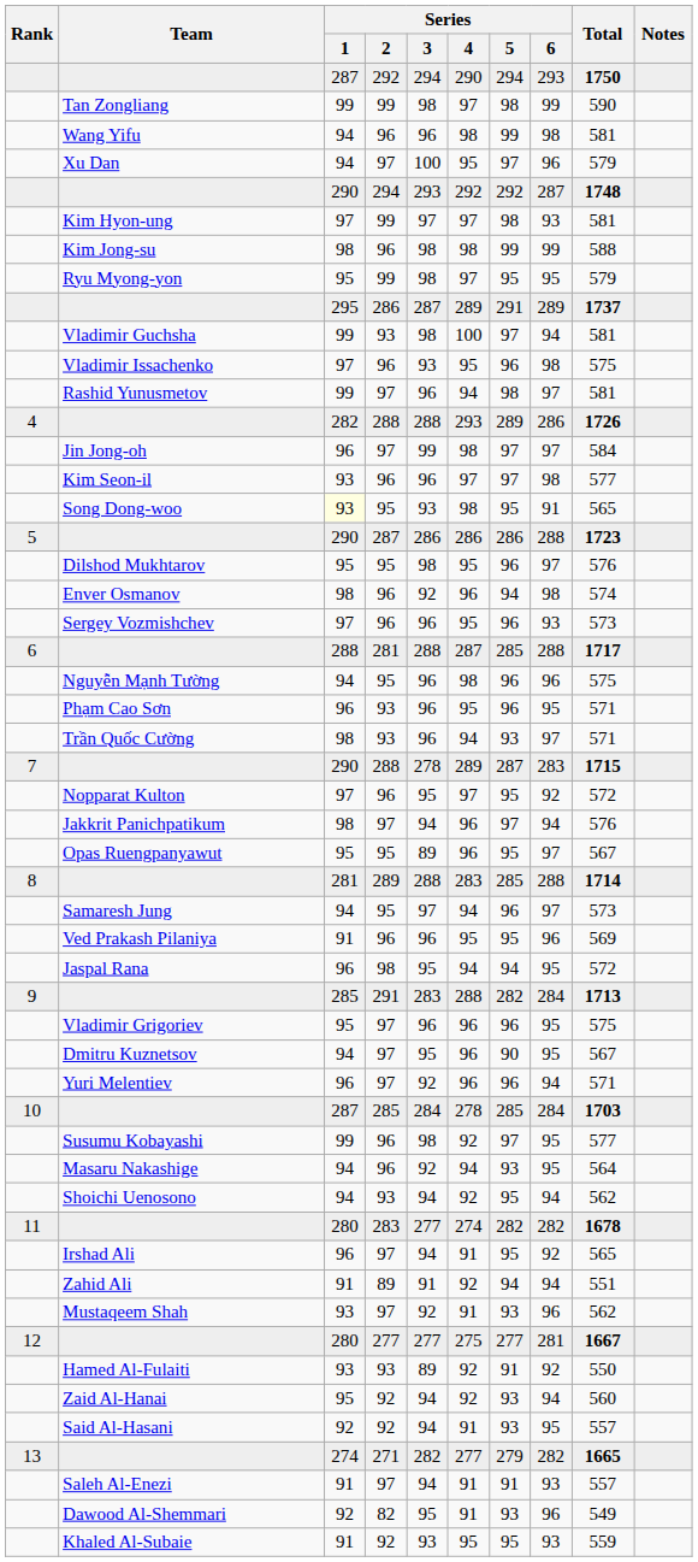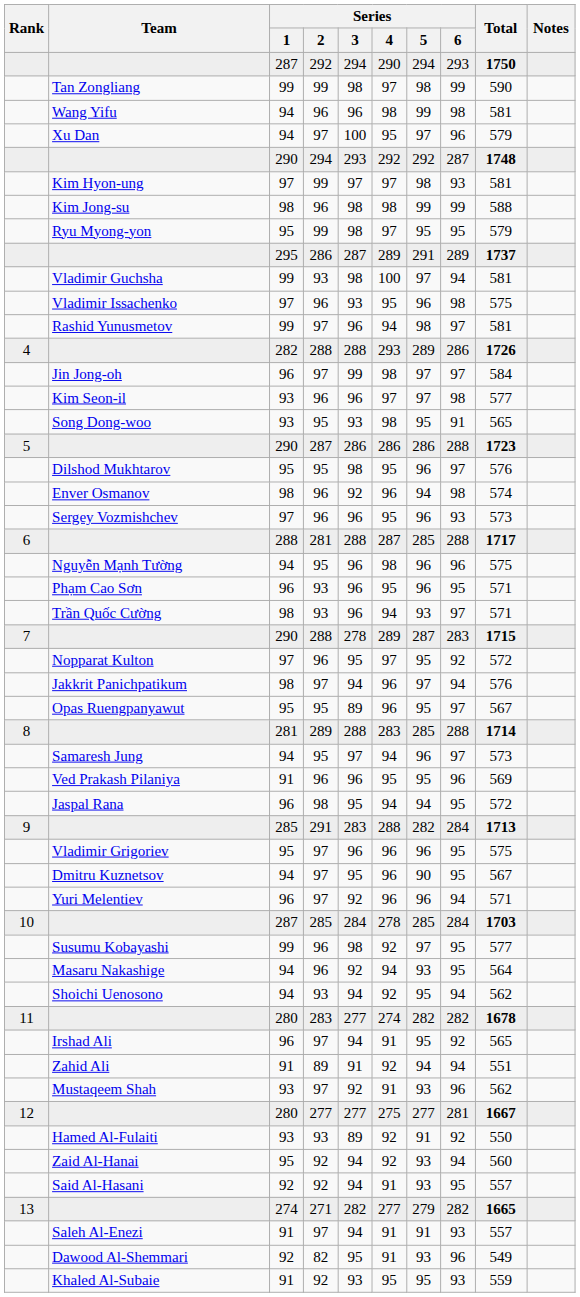 <table class="wikitable" style="text-align:center">
 <tr>
 <th rowspan=2 width=40>Rank</th>
 <th rowspan=2 width=250>Team</th>
 <th colspan=6>Series</th>
 <th rowspan=2 width=50>Total</th>
 <th rowspan=2 width=45>Notes</th>
 </tr>
 <tr>
 <th width=30>1</th>
 <th width=30>2</th>
 <th width=30>3</th>
 <th width=30>4</th>
 <th width=30>5</th>
 <th width=30>6</th>
 </tr>
 <tr bgcolor=eeeeee>
 <td></td>
 <td align=left></td>
 <td>287</td>
 <td>292</td>
 <td>294</td>
 <td>290</td>
 <td>294</td>
 <td>293</td>
 <td><strong>1750</strong></td>
 <td></td>
 </tr>
 <tr>
 <td></td>
 <td align=left><a href='#'>Tan Zongliang</a></td>
 <td>99</td>
 <td>99</td>
 <td>98</td>
 <td>97</td>
 <td>98</td>
 <td>99</td>
 <td>590</td>
 <td></td>
 </tr>
 <tr>
 <td></td>
 <td align=left><a href='#'>Wang Yifu</a></td>
 <td>94</td>
 <td>96</td>
 <td>96</td>
 <td>98</td>
 <td>99</td>
 <td>98</td>
 <td>581</td>
 <td></td>
 </tr>
 <tr>
 <td></td>
 <td align=left><a href='#'>Xu Dan</a></td>
 <td>94</td>
 <td>97</td>
 <td>100</td>
 <td>95</td>
 <td>97</td>
 <td>96</td>
 <td>579</td>
 <td></td>
 </tr>
 <tr bgcolor=eeeeee>
 <td></td>
 <td align=left></td>
 <td>290</td>
 <td>294</td>
 <td>293</td>
 <td>292</td>
 <td>292</td>
 <td>287</td>
 <td><strong>1748</strong></td>
 <td></td>
 </tr>
 <tr>
 <td></td>
 <td align=left><a href='#'>Kim Hyon-ung</a></td>
 <td>97</td>
 <td>99</td>
 <td>97</td>
 <td>97</td>
 <td>98</td>
 <td>93</td>
 <td>581</td>
 <td></td>
 </tr>
 <tr>
 <td></td>
 <td align=left><a href='#'>Kim Jong-su</a></td>
 <td>98</td>
 <td>96</td>
 <td>98</td>
 <td>98</td>
 <td>99</td>
 <td>99</td>
 <td>588</td>
 <td></td>
 </tr>
 <tr>
 <td></td>
 <td align=left><a href='#'>Ryu Myong-yon</a></td>
 <td>95</td>
 <td>99</td>
 <td>98</td>
 <td>97</td>
 <td>95</td>
 <td>95</td>
 <td>579</td>
 <td></td>
 </tr>
 <tr bgcolor=eeeeee>
 <td></td>
 <td align=left></td>
 <td>295</td>
 <td>286</td>
 <td>287</td>
 <td>289</td>
 <td>291</td>
 <td>289</td>
 <td><strong>1737</strong></td>
 <td></td>
 </tr>
 <tr>
 <td></td>
 <td align=left><a href='#'>Vladimir Guchsha</a></td>
 <td>99</td>
 <td>93</td>
 <td>98</td>
 <td>100</td>
 <td>97</td>
 <td>94</td>
 <td>581</td>
 <td></td>
 </tr>
 <tr>
 <td></td>
 <td align=left><a href='#'>Vladimir Issachenko</a></td>
 <td>97</td>
 <td>96</td>
 <td>93</td>
 <td>95</td>
 <td>96</td>
 <td>98</td>
 <td>575</td>
 <td></td>
 </tr>
 <tr>
 <td></td>
 <td align=left><a href='#'>Rashid Yunusmetov</a></td>
 <td>99</td>
 <td>97</td>
 <td>96</td>
 <td>94</td>
 <td>98</td>
 <td>97</td>
 <td>581</td>
 <td></td>
 </tr>
 <tr bgcolor=eeeeee>
 <td>4</td>
 <td align=left></td>
 <td>282</td>
 <td>288</td>
 <td>288</td>
 <td>293</td>
 <td>289</td>
 <td>286</td>
 <td><strong>1726</strong></td>
 <td></td>
 </tr>
 <tr>
 <td></td>
 <td align=left><a href='#'>Jin Jong-oh</a></td>
 <td>96</td>
 <td>97</td>
 <td>99</td>
 <td>98</td>
 <td>97</td>
 <td>97</td>
 <td>584</td>
 <td></td>
 </tr>
 <tr>
 <td></td>
 <td align=left><a href='#'>Kim Seon-il</a></td>
 <td>93</td>
 <td>96</td>
 <td>96</td>
 <td>97</td>
 <td>97</td>
 <td>98</td>
 <td>577</td>
 <td></td>
 </tr>
 <tr>
 <td></td>
 <td align=left><a href='#'>Song Dong-woo</a></td>
-<td style="background: lightyellow;">93</td>
+<td>93</td>
 <td>95</td>
 <td>93</td>
 <td>98</td>
 <td>95</td>
 <td>91</td>
 <td>565</td>
 <td></td>
 </tr>
 <tr bgcolor=eeeeee>
 <td>5</td>
 <td align=left></td>
 <td>290</td>
 <td>287</td>
 <td>286</td>
 <td>286</td>
 <td>286</td>
 <td>288</td>
 <td><strong>1723</strong></td>
 <td></td>
 </tr>
 <tr>
 <td></td>
 <td align=left><a href='#'>Dilshod Mukhtarov</a></td>
 <td>95</td>
 <td>95</td>
 <td>98</td>
 <td>95</td>
 <td>96</td>
 <td>97</td>
 <td>576</td>
 <td></td>
 </tr>
 <tr>
 <td></td>
 <td align=left><a href='#'>Enver Osmanov</a></td>
 <td>98</td>
 <td>96</td>
 <td>92</td>
 <td>96</td>
 <td>94</td>
 <td>98</td>
 <td>574</td>
 <td></td>
 </tr>
 <tr>
 <td></td>
 <td align=left><a href='#'>Sergey Vozmishchev</a></td>
 <td>97</td>
 <td>96</td>
 <td>96</td>
 <td>95</td>
 <td>96</td>
 <td>93</td>
 <td>573</td>
 <td></td>
 </tr>
 <tr bgcolor=eeeeee>
 <td>6</td>
 <td align=left></td>
 <td>288</td>
 <td>281</td>
 <td>288</td>
 <td>287</td>
 <td>285</td>
 <td>288</td>
 <td><strong>1717</strong></td>
 <td></td>
 </tr>
 <tr>
 <td></td>
 <td align=left><a href='#'>Nguyễn Mạnh Tường</a></td>
 <td>94</td>
 <td>95</td>
 <td>96</td>
 <td>98</td>
 <td>96</td>
 <td>96</td>
 <td>575</td>
 <td></td>
 </tr>
 <tr>
 <td></td>
 <td align=left><a href='#'>Phạm Cao Sơn</a></td>
 <td>96</td>
 <td>93</td>
 <td>96</td>
 <td>95</td>
 <td>96</td>
 <td>95</td>
 <td>571</td>
 <td></td>
 </tr>
 <tr>
 <td></td>
 <td align=left><a href='#'>Trần Quốc Cường</a></td>
 <td>98</td>
 <td>93</td>
 <td>96</td>
 <td>94</td>
 <td>93</td>
 <td>97</td>
 <td>571</td>
 <td></td>
 </tr>
 <tr bgcolor=eeeeee>
 <td>7</td>
 <td align=left></td>
 <td>290</td>
 <td>288</td>
 <td>278</td>
 <td>289</td>
 <td>287</td>
 <td>283</td>
 <td><strong>1715</strong></td>
 <td></td>
 </tr>
 <tr>
 <td></td>
 <td align=left><a href='#'>Nopparat Kulton</a></td>
 <td>97</td>
 <td>96</td>
 <td>95</td>
 <td>97</td>
 <td>95</td>
 <td>92</td>
 <td>572</td>
 <td></td>
 </tr>
 <tr>
 <td></td>
 <td align=left><a href='#'>Jakkrit Panichpatikum</a></td>
 <td>98</td>
 <td>97</td>
 <td>94</td>
 <td>96</td>
 <td>97</td>
 <td>94</td>
 <td>576</td>
 <td></td>
 </tr>
 <tr>
 <td></td>
 <td align=left><a href='#'>Opas Ruengpanyawut</a></td>
 <td>95</td>
 <td>95</td>
 <td>89</td>
 <td>96</td>
 <td>95</td>
 <td>97</td>
 <td>567</td>
 <td></td>
 </tr>
 <tr bgcolor=eeeeee>
 <td>8</td>
 <td align=left></td>
 <td>281</td>
 <td>289</td>
 <td>288</td>
 <td>283</td>
 <td>285</td>
 <td>288</td>
 <td><strong>1714</strong></td>
 <td></td>
 </tr>
 <tr>
 <td></td>
 <td align=left><a href='#'>Samaresh Jung</a></td>
 <td>94</td>
 <td>95</td>
 <td>97</td>
 <td>94</td>
 <td>96</td>
 <td>97</td>
 <td>573</td>
 <td></td>
 </tr>
 <tr>
 <td></td>
 <td align=left><a href='#'>Ved Prakash Pilaniya</a></td>
 <td>91</td>
 <td>96</td>
 <td>96</td>
 <td>95</td>
 <td>95</td>
 <td>96</td>
 <td>569</td>
 <td></td>
 </tr>
 <tr>
 <td></td>
 <td align=left><a href='#'>Jaspal Rana</a></td>
 <td>96</td>
 <td>98</td>
 <td>95</td>
 <td>94</td>
 <td>94</td>
 <td>95</td>
 <td>572</td>
 <td></td>
 </tr>
 <tr bgcolor=eeeeee>
 <td>9</td>
 <td align=left></td>
 <td>285</td>
 <td>291</td>
 <td>283</td>
 <td>288</td>
 <td>282</td>
 <td>284</td>
 <td><strong>1713</strong></td>
 <td></td>
 </tr>
 <tr>
 <td></td>
 <td align=left><a href='#'>Vladimir Grigoriev</a></td>
 <td>95</td>
 <td>97</td>
 <td>96</td>
 <td>96</td>
 <td>96</td>
 <td>95</td>
 <td>575</td>
 <td></td>
 </tr>
 <tr>
 <td></td>
 <td align=left><a href='#'>Dmitru Kuznetsov</a></td>
 <td>94</td>
 <td>97</td>
 <td>95</td>
 <td>96</td>
 <td>90</td>
 <td>95</td>
 <td>567</td>
 <td></td>
 </tr>
 <tr>
 <td></td>
 <td align=left><a href='#'>Yuri Melentiev</a></td>
 <td>96</td>
 <td>97</td>
 <td>92</td>
 <td>96</td>
 <td>96</td>
 <td>94</td>
 <td>571</td>
 <td></td>
 </tr>
 <tr bgcolor=eeeeee>
 <td>10</td>
 <td align=left></td>
 <td>287</td>
 <td>285</td>
 <td>284</td>
 <td>278</td>
 <td>285</td>
 <td>284</td>
 <td><strong>1703</strong></td>
 <td></td>
 </tr>
 <tr>
 <td></td>
 <td align=left><a href='#'>Susumu Kobayashi</a></td>
 <td>99</td>
 <td>96</td>
 <td>98</td>
 <td>92</td>
 <td>97</td>
 <td>95</td>
 <td>577</td>
 <td></td>
 </tr>
 <tr>
 <td></td>
 <td align=left><a href='#'>Masaru Nakashige</a></td>
 <td>94</td>
 <td>96</td>
 <td>92</td>
 <td>94</td>
 <td>93</td>
 <td>95</td>
 <td>564</td>
 <td></td>
 </tr>
 <tr>
 <td></td>
 <td align=left><a href='#'>Shoichi Uenosono</a></td>
 <td>94</td>
 <td>93</td>
 <td>94</td>
 <td>92</td>
 <td>95</td>
 <td>94</td>
 <td>562</td>
 <td></td>
 </tr>
 <tr bgcolor=eeeeee>
 <td>11</td>
 <td align=left></td>
 <td>280</td>
 <td>283</td>
 <td>277</td>
 <td>274</td>
 <td>282</td>
 <td>282</td>
 <td><strong>1678</strong></td>
 <td></td>
 </tr>
 <tr>
 <td></td>
 <td align=left><a href='#'>Irshad Ali</a></td>
 <td>96</td>
 <td>97</td>
 <td>94</td>
 <td>91</td>
 <td>95</td>
 <td>92</td>
 <td>565</td>
 <td></td>
 </tr>
 <tr>
 <td></td>
 <td align=left><a href='#'>Zahid Ali</a></td>
 <td>91</td>
 <td>89</td>
 <td>91</td>
 <td>92</td>
 <td>94</td>
 <td>94</td>
 <td>551</td>
 <td></td>
 </tr>
 <tr>
 <td></td>
 <td align=left><a href='#'>Mustaqeem Shah</a></td>
 <td>93</td>
 <td>97</td>
 <td>92</td>
 <td>91</td>
 <td>93</td>
 <td>96</td>
 <td>562</td>
 <td></td>
 </tr>
 <tr bgcolor=eeeeee>
 <td>12</td>
 <td align=left></td>
 <td>280</td>
 <td>277</td>
 <td>277</td>
 <td>275</td>
 <td>277</td>
 <td>281</td>
 <td><strong>1667</strong></td>
 <td></td>
 </tr>
 <tr>
 <td></td>
 <td align=left><a href='#'>Hamed Al-Fulaiti</a></td>
 <td>93</td>
 <td>93</td>
 <td>89</td>
 <td>92</td>
 <td>91</td>
 <td>92</td>
 <td>550</td>
 <td></td>
 </tr>
 <tr>
 <td></td>
 <td align=left><a href='#'>Zaid Al-Hanai</a></td>
 <td>95</td>
 <td>92</td>
 <td>94</td>
 <td>92</td>
 <td>93</td>
 <td>94</td>
 <td>560</td>
 <td></td>
 </tr>
 <tr>
 <td></td>
 <td align=left><a href='#'>Said Al-Hasani</a></td>
 <td>92</td>
 <td>92</td>
 <td>94</td>
 <td>91</td>
 <td>93</td>
 <td>95</td>
 <td>557</td>
 <td></td>
 </tr>
 <tr bgcolor=eeeeee>
 <td>13</td>
 <td align=left></td>
 <td>274</td>
 <td>271</td>
 <td>282</td>
 <td>277</td>
 <td>279</td>
 <td>282</td>
 <td><strong>1665</strong></td>
 <td></td>
 </tr>
 <tr>
 <td></td>
 <td align=left><a href='#'>Saleh Al-Enezi</a></td>
 <td>91</td>
 <td>97</td>
 <td>94</td>
 <td>91</td>
 <td>91</td>
 <td>93</td>
 <td>557</td>
 <td></td>
 </tr>
 <tr>
 <td></td>
 <td align=left><a href='#'>Dawood Al-Shemmari</a></td>
 <td>92</td>
 <td>82</td>
 <td>95</td>
 <td>91</td>
 <td>93</td>
 <td>96</td>
 <td>549</td>
 <td></td>
 </tr>
 <tr>
 <td></td>
 <td align=left><a href='#'>Khaled Al-Subaie</a></td>
 <td>91</td>
 <td>92</td>
 <td>93</td>
 <td>95</td>
 <td>95</td>
 <td>93</td>
 <td>559</td>
 <td></td>
 </tr>
 </table>
